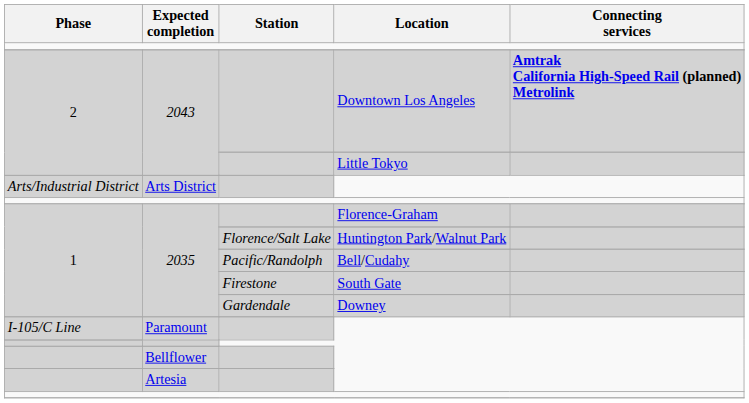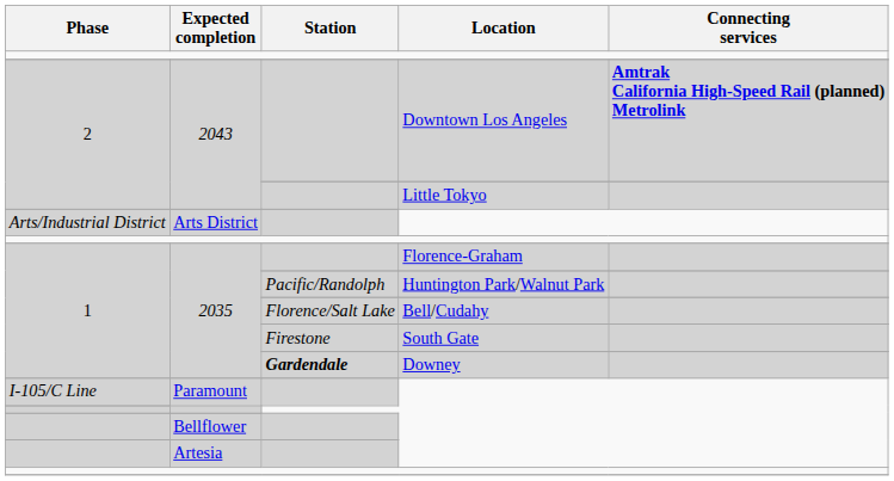 <table class="wikitable">
 <tr>
 <th>Phase</th>
 <th>Expected<br>completion</th>
 <th>Station</th>
 <th>Location</th>
 <th>Connecting<br>services</th>
 </tr>
 <tr>
 <td colspan = "6"></td>
 </tr>
 <tr>
 </tr>
 <tr bgcolor="lightgray">
 <td rowspan=3; style="text-align:center;">2</td>
 <td rowspan=3; style="text-align:center;"><em>2043</em></td>
 <td></td>
 <td><a href='#'>Downtown Los Angeles</a></td>
 <td><strong> <a href='#'>Amtrak</a><br> <a href='#'>California High-Speed Rail</a> (planned)<br> <a href='#'>Metrolink</a><br><br><br><br></strong></td>
 </tr>
 <tr>
 </tr>
 <tr bgcolor="lightgray">
 <td></td>
 <td><a href='#'>Little Tokyo</a></td>
 <td><br></td>
 </tr>
 <tr>
 </tr>
 <tr bgcolor="lightgray">
 <td><em>Arts/Industrial District</em></td>
 <td><a href='#'>Arts District</a></td>
 <td></td>
 </tr>
 <tr>
 <td colspan = "5"></td>
 </tr>
 <tr>
 </tr>
 <tr bgcolor="lightgray">
 <td rowspan=9; style="text-align:center;">1</td>
 <td rowspan=9; style="text-align:center;"><em>2035</em></td>
 <td></td>
 <td><a href='#'>Florence-Graham</a></td>
 <td></td>
 </tr>
 <tr>
 </tr>
 <tr bgcolor="lightgray">
-<td><em>Florence/Salt Lake</em></td>
+<td><em>Pacific/Randolph</em></td>
 <td><a href='#'>Huntington Park</a>/<a href='#'>Walnut Park</a></td>
 <td></td>
 </tr>
 <tr>
 </tr>
 <tr bgcolor="lightgray">
-<td><em>Pacific/Randolph</em></td>
+<td><em>Florence/Salt Lake</em></td>
 <td><a href='#'>Bell</a>/<a href='#'>Cudahy</a></td>
 <td></td>
 </tr>
 <tr>
 </tr>
 <tr bgcolor="lightgray">
 <td><em>Firestone</em></td>
 <td><a href='#'>South Gate</a></td>
 <td></td>
 </tr>
 <tr>
 </tr>
 <tr bgcolor="lightgray">
-<td><em>Gardendale</em></td>
+<td><strong><em>Gardendale</em></strong></td>
 <td><a href='#'>Downey</a></td>
 <td></td>
 </tr>
 <tr>
 </tr>
 <tr bgcolor="lightgray">
 <td><em>I-105/C Line</em></td>
 <td rowspan=2><a href='#'>Paramount</a></td>
 <td></td>
 </tr>
 <tr>
 </tr>
 <tr bgcolor="lightgray">
 <td><em></em></td>
 <td></td>
 </tr>
 <tr>
 </tr>
 <tr bgcolor="lightgray">
 <td><em></em></td>
 <td><a href='#'>Bellflower</a></td>
 <td></td>
 </tr>
 <tr>
 </tr>
 <tr bgcolor="lightgray">
 <td><em></em></td>
 <td><a href='#'>Artesia</a></td>
 <td></td>
 </tr>
 <tr>
 <td colspan = "6"></td>
 </tr>
 <tr>
 </tr>
 </table>
